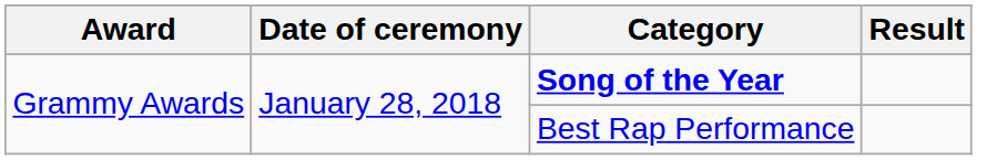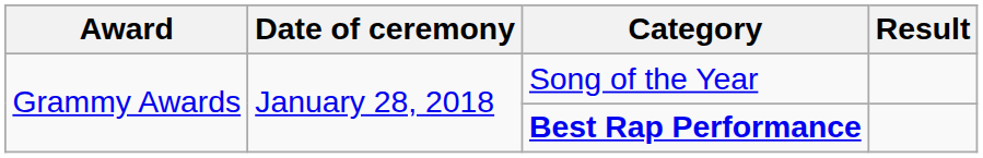 <table class="wikitable">
 <tr>
 <th>Award</th>
 <th>Date of ceremony</th>
 <th>Category</th>
 <th>Result</th>
 </tr>
 <tr>
 <td rowspan="2"><a href='#'>Grammy Awards</a></td>
 <td rowspan="2"><a href='#'>January 28, 2018</a></td>
-<td><strong><a href='#'>Song of the Year</a></strong></td>
+<td><a href='#'>Song of the Year</a></td>
 <td></td>
 </tr>
 <tr>
-<td><a href='#'>Best Rap Performance</a></td>
+<td><strong><a href='#'>Best Rap Performance</a></strong></td>
 <td></td>
 </tr>
 </table>
